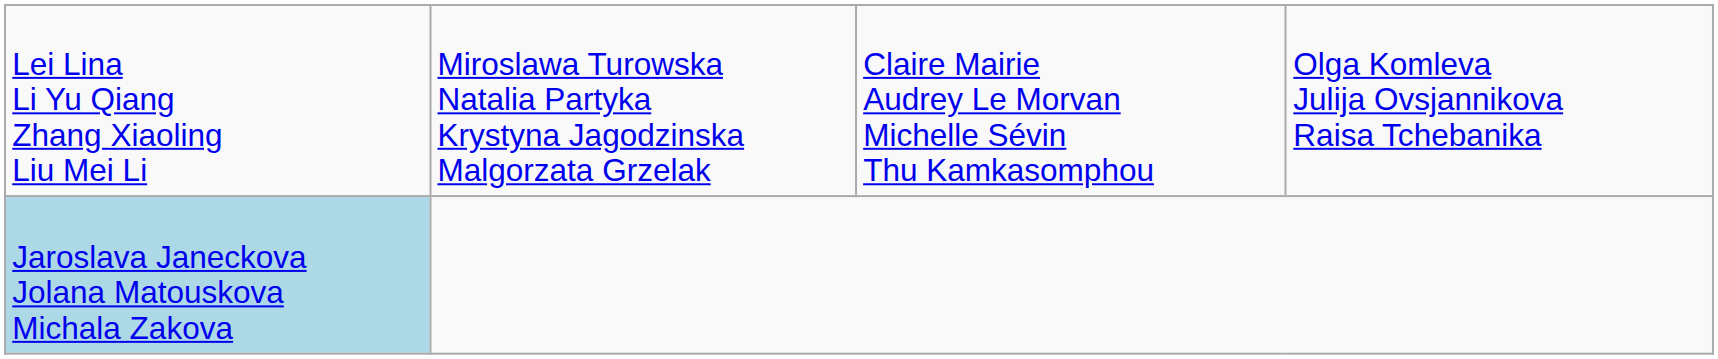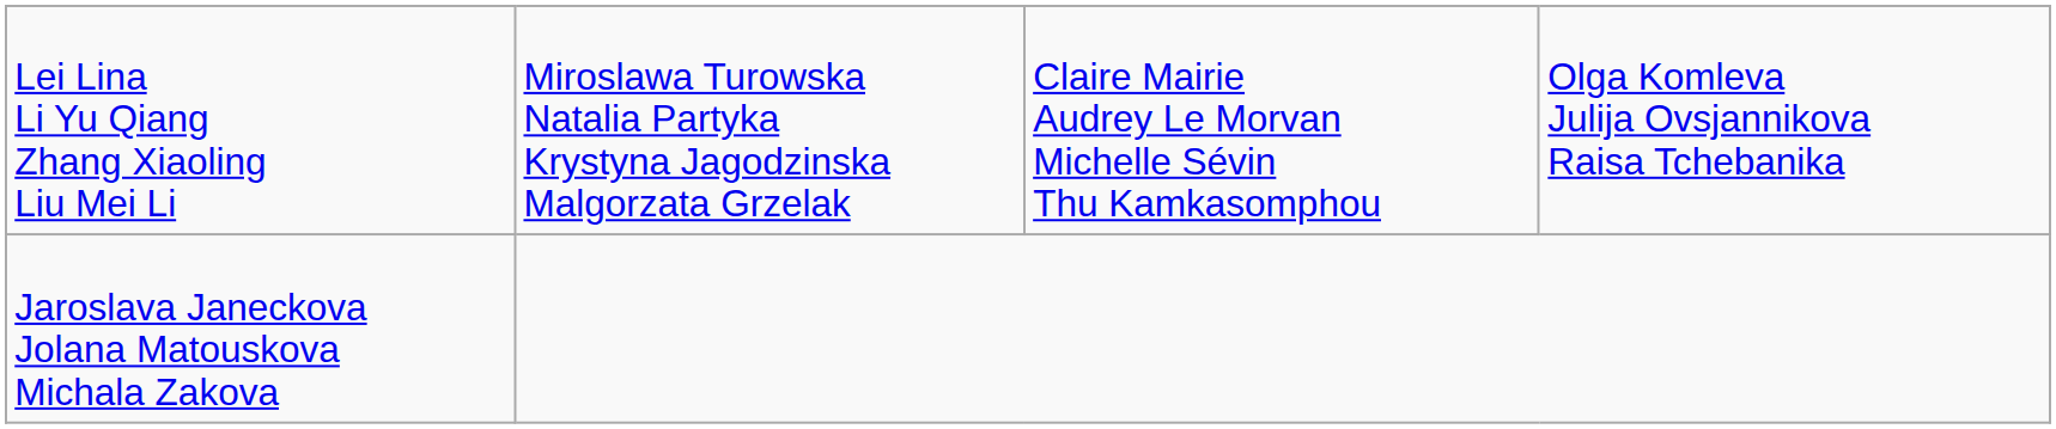 <table class="wikitable">
 <tr>
 <td style="vertical-align:top; width:220px"><br><a href='#'>Lei Lina</a><br><a href='#'>Li Yu Qiang</a><br><a href='#'>Zhang Xiaoling</a><br><a href='#'>Liu Mei Li</a></td>
 <td style="vertical-align:top; width:220px"><br><a href='#'>Miroslawa Turowska</a><br><a href='#'>Natalia Partyka</a><br><a href='#'>Krystyna Jagodzinska</a><br><a href='#'>Malgorzata Grzelak</a></td>
 <td style="vertical-align:top; width:220px"><br><a href='#'>Claire Mairie</a><br><a href='#'>Audrey Le Morvan</a><br><a href='#'>Michelle Sévin</a><br><a href='#'>Thu Kamkasomphou</a></td>
 <td style="vertical-align:top; width:220px"><br><a href='#'>Olga Komleva</a><br><a href='#'>Julija Ovsjannikova</a><br><a href='#'>Raisa Tchebanika</a></td>
 </tr>
 <tr>
-<td style="background: lightblue; vertical-align:top; width:220px"><br><a href='#'>Jaroslava Janeckova</a><br><a href='#'>Jolana Matouskova</a><br><a href='#'>Michala Zakova</a></td>
+<td style="vertical-align:top; width:220px"><br><a href='#'>Jaroslava Janeckova</a><br><a href='#'>Jolana Matouskova</a><br><a href='#'>Michala Zakova</a></td>
 </tr>
 </table>
